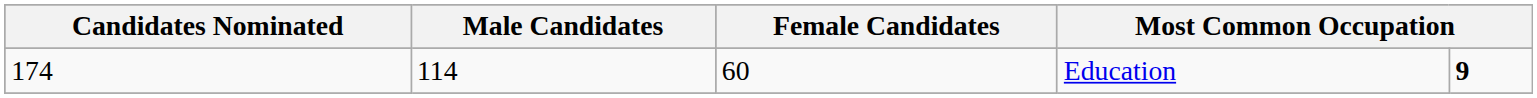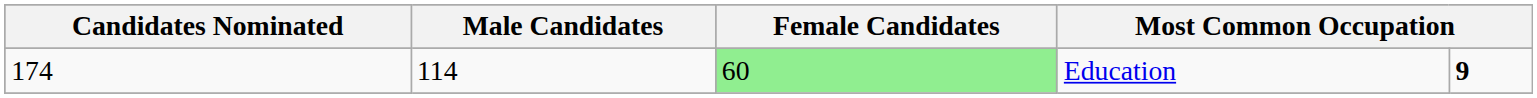 <table class="wikitable" width="100%">
 <tr>
 <th>Candidates Nominated</th>
 <th>Male Candidates</th>
 <th>Female Candidates</th>
 <th colspan="2">Most Common Occupation</th>
 </tr>
 <tr>
 <td>174</td>
 <td>114</td>
-<td>60</td>
+<td style="background: lightgreen;">60</td>
 <td><a href='#'>Education</a></td>
 <td><strong>9</strong></td>
 </tr>
 </table>
